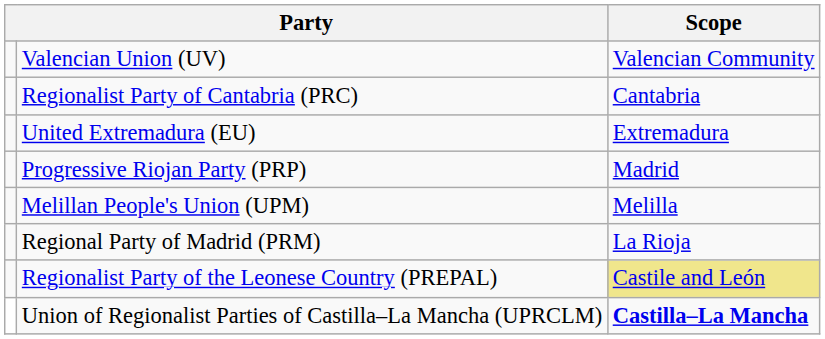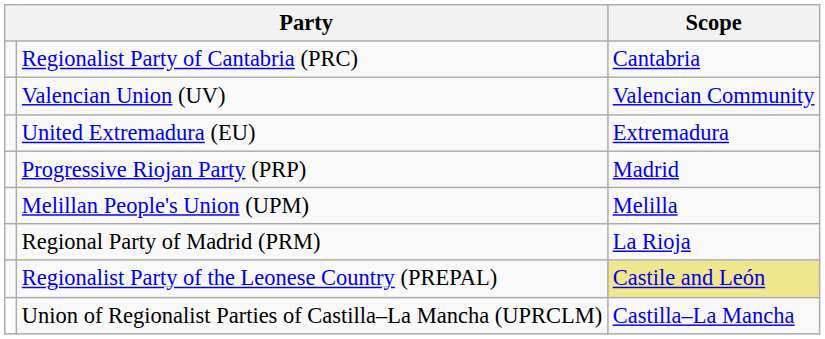 <table class="wikitable" style="text-align:left; font-size:97%;">
 <tr>
 <th colspan="2">Party</th>
 <th>Scope</th>
 </tr>
 <tr>
+<td></td>
+<td><a href='#'>Regionalist Party of Cantabria</a> (PRC)</td>
+<td><a href='#'>Cantabria</a></td>
+</tr>
+<tr>
 <td width="1"></td>
 <td><a href='#'>Valencian Union</a> (UV)</td>
 <td><a href='#'>Valencian Community</a></td>
-</tr>
-<tr>
-<td></td>
-<td><a href='#'>Regionalist Party of Cantabria</a> (PRC)</td>
-<td><a href='#'>Cantabria</a></td>
 </tr>
 <tr>
 <td></td>
 <td><a href='#'>United Extremadura</a> (EU)</td>
 <td><a href='#'>Extremadura</a></td>
 </tr>
 <tr>
 <td></td>
 <td><a href='#'>Progressive Riojan Party</a> (PRP)</td>
 <td><a href='#'>Madrid</a></td>
 </tr>
 <tr>
 <td></td>
 <td><a href='#'>Melillan People's Union</a> (UPM)</td>
 <td><a href='#'>Melilla</a></td>
 </tr>
 <tr>
 <td></td>
 <td>Regional Party of Madrid (PRM)</td>
 <td><a href='#'>La Rioja</a></td>
 </tr>
 <tr>
 <td></td>
 <td><a href='#'>Regionalist Party of the Leonese Country</a> (PREPAL)</td>
 <td style="background: khaki;"><a href='#'>Castile and León</a></td>
 </tr>
 <tr>
 <td bgcolor="white"></td>
 <td>Union of Regionalist Parties of Castilla–La Mancha (UPRCLM)</td>
-<td><strong><a href='#'>Castilla–La Mancha</a></strong></td>
+<td><a href='#'>Castilla–La Mancha</a></td>
 </tr>
 </table>
